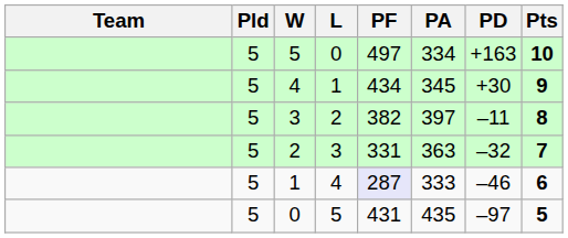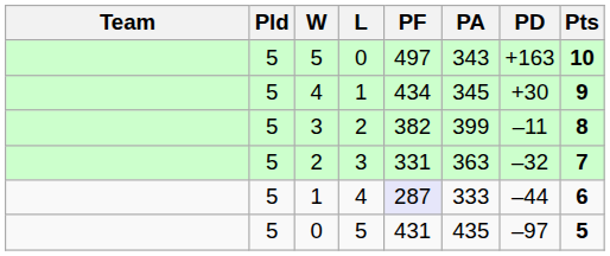 <table class="wikitable" style="text-align:center;">
 <tr>
 <th width=170>Team</th>
 <th width=25>Pld</th>
 <th width=25>W</th>
 <th width=25>L</th>
 <th width=35>PF</th>
 <th width=35>PA</th>
 <th width=35>PD</th>
 <th width=25>Pts</th>
 </tr>
 <tr bgcolor=ccffcc>
 <td align="left"></td>
 <td>5</td>
 <td>5</td>
 <td>0</td>
 <td>497</td>
-<td>334</td>
+<td>343</td>
 <td>+163</td>
 <td><strong>10</strong></td>
 </tr>
 <tr bgcolor=ccffcc>
 <td align="left"></td>
 <td>5</td>
 <td>4</td>
 <td>1</td>
 <td>434</td>
 <td>345</td>
 <td>+30</td>
 <td><strong>9</strong></td>
 </tr>
 <tr bgcolor=ccffcc>
 <td align="left"></td>
 <td>5</td>
 <td>3</td>
 <td>2</td>
 <td>382</td>
-<td>397</td>
+<td>399</td>
 <td>–11</td>
 <td><strong>8</strong></td>
 </tr>
 <tr bgcolor=ccffcc>
 <td align="left"></td>
 <td>5</td>
 <td>2</td>
 <td>3</td>
 <td>331</td>
 <td>363</td>
 <td>–32</td>
 <td><strong>7</strong></td>
 </tr>
 <tr>
 <td align="left"></td>
 <td>5</td>
 <td>1</td>
 <td>4</td>
 <td style="background: lavender;">287</td>
 <td>333</td>
-<td>–46</td>
+<td>–44</td>
 <td><strong>6</strong></td>
 </tr>
 <tr>
 <td align="left"></td>
 <td>5</td>
 <td>0</td>
 <td>5</td>
 <td>431</td>
 <td>435</td>
 <td>–97</td>
 <td><strong>5</strong></td>
 </tr>
 </table>
